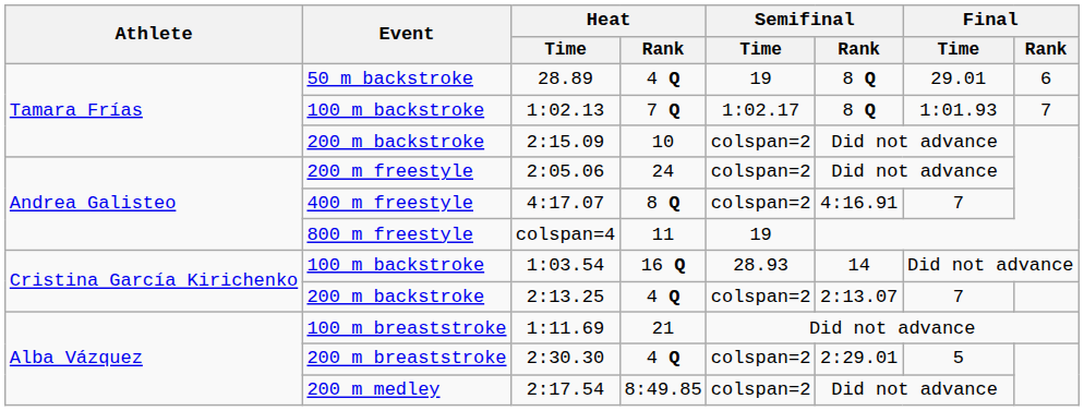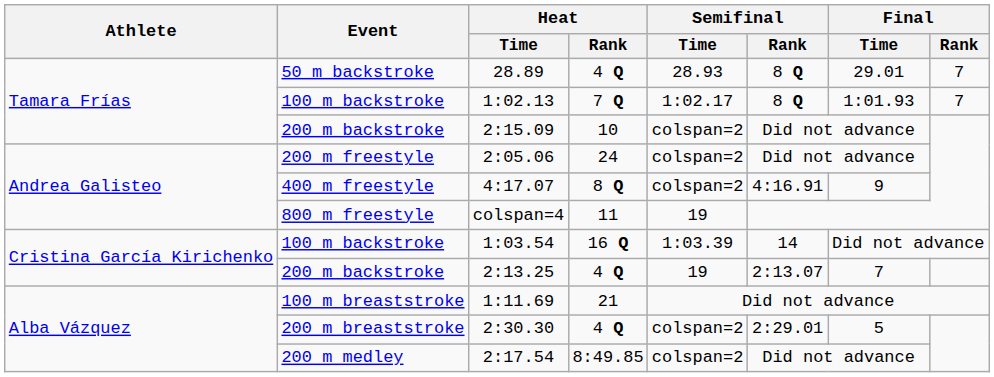 <table class=wikitable style="font-size:90%">
 <tr>
 <th rowspan=2>Athlete</th>
 <th rowspan=2>Event</th>
 <th colspan=2>Heat</th>
 <th colspan=2>Semifinal</th>
 <th colspan=2>Final</th>
 </tr>
 <tr style="font-size:95%">
 <th>Time</th>
 <th>Rank</th>
 <th>Time</th>
 <th>Rank</th>
 <th>Time</th>
 <th>Rank</th>
 </tr>
 <tr align=center>
 <td rowspan=3 align=left><a href='#'>Tamara Frías</a></td>
 <td align=left><a href='#'>50 m backstroke</a></td>
 <td>28.89</td>
 <td>4 <strong>Q</strong></td>
-<td>19</td>
+<td>28.93</td>
 <td>8 <strong>Q</strong></td>
 <td>29.01</td>
-<td>6</td>
+<td>7</td>
 </tr>
 <tr align=center>
 <td align=left><a href='#'>100 m backstroke</a></td>
 <td>1:02.13</td>
 <td>7 <strong>Q</strong></td>
 <td>1:02.17</td>
 <td>8 <strong>Q</strong></td>
 <td>1:01.93</td>
 <td>7</td>
 </tr>
 <tr align=center>
 <td align=left><a href='#'>200 m backstroke</a></td>
 <td>2:15.09</td>
 <td>10</td>
 <td>colspan=2 </td>
 <td colspan=2>Did not advance</td>
 </tr>
 <tr align=center>
 <td rowspan=3 align=left><a href='#'>Andrea Galisteo</a></td>
 <td align=left><a href='#'>200 m freestyle</a></td>
 <td>2:05.06</td>
 <td>24</td>
 <td>colspan=2 </td>
 <td colspan=2>Did not advance</td>
 </tr>
 <tr align=center>
 <td align=left><a href='#'>400 m freestyle</a></td>
 <td>4:17.07</td>
 <td>8 <strong>Q</strong></td>
 <td>colspan=2 </td>
 <td>4:16.91</td>
-<td>7</td>
+<td>9</td>
 </tr>
 <tr align=center>
 <td align=left><a href='#'>800 m freestyle</a></td>
 <td>colspan=4 </td>
 <td>11</td>
 <td>19</td>
 </tr>
 <tr align=center>
 <td rowspan=2 align=left><a href='#'>Cristina García Kirichenko</a></td>
 <td align=left><a href='#'>100 m backstroke</a></td>
 <td>1:03.54</td>
 <td>16 <strong>Q</strong></td>
-<td>28.93</td>
+<td>1:03.39</td>
 <td>14</td>
 <td colspan=2>Did not advance</td>
 </tr>
 <tr align=center>
 <td align=left><a href='#'>200 m backstroke</a></td>
 <td>2:13.25</td>
 <td>4 <strong>Q</strong></td>
-<td>colspan=2 </td>
+<td>19</td>
 <td>2:13.07</td>
 <td>7</td>
 </tr>
 <tr align=center>
 <td rowspan=3 align=left><a href='#'>Alba Vázquez</a></td>
 <td align=left><a href='#'>100 m breaststroke</a></td>
 <td>1:11.69</td>
 <td>21</td>
 <td colspan=4>Did not advance</td>
 </tr>
 <tr align=center>
 <td align=left><a href='#'>200 m breaststroke</a></td>
 <td>2:30.30</td>
 <td>4 <strong>Q</strong></td>
 <td>colspan=2 </td>
 <td>2:29.01</td>
 <td>5</td>
 </tr>
 <tr align=center>
 <td align=left><a href='#'>200 m medley</a></td>
 <td>2:17.54</td>
 <td>8:49.85</td>
 <td>colspan=2 </td>
 <td colspan=2>Did not advance</td>
 </tr>
 </table>
